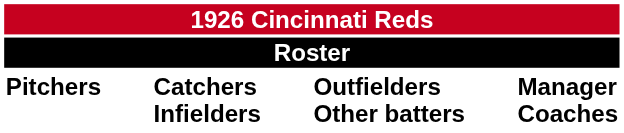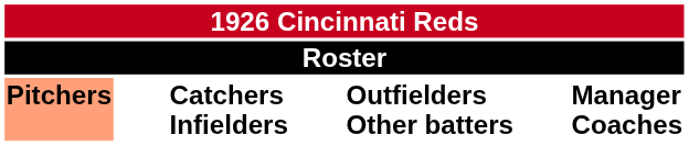 <table class="toccolours" style="font-size: 95%;">
 <tr>
 <th colspan="10" style="background-color: #c6011f; color: white; text-align: center;">1926 Cincinnati Reds</th>
 </tr>
 <tr>
 <td colspan="10" style="background-color: black; color: white; text-align: center;"><strong>Roster</strong></td>
 </tr>
 <tr>
-<td valign="top"><strong>Pitchers</strong><br>           </td>
+<td valign="top" style="background: lightsalmon;"><strong>Pitchers</strong><br>           </td>
 <td width="25px"></td>
 <td valign="top"><strong>Catchers</strong><br>   <strong>Infielders</strong>           </td>
 <td width="25px"></td>
 <td valign="top"><strong>Outfielders</strong><br>      <strong>Other batters</strong> </td>
 <td width="25px"></td>
 <td valign="top"><strong>Manager</strong><br> <strong>Coaches</strong>  </td>
 </tr>
 </table>
